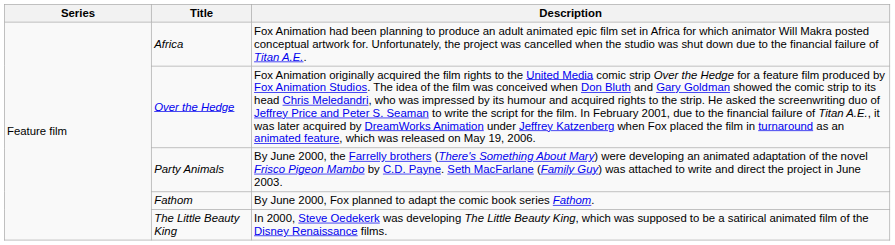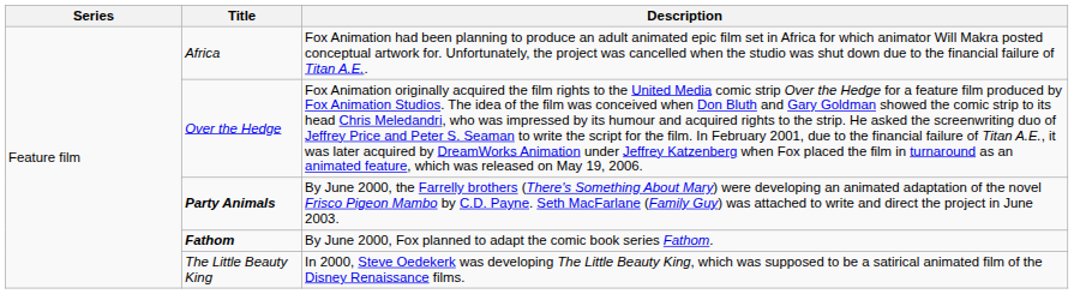 <table class="wikitable">
 <tr>
 <th style="width:150pt;">Series</th>
 <th style="width:100pt;">Title</th>
 <th>Description</th>
 </tr>
 <tr>
 <td rowspan="5">Feature film</td>
 <td><em>Africa</em></td>
 <td>Fox Animation had been planning to produce an adult animated epic film set in Africa for which animator Will Makra posted conceptual artwork for. Unfortunately, the project was cancelled when the studio was shut down due to the financial failure of <em><a href='#'>Titan A.E.</a></em>.</td>
 </tr>
 <tr>
 <td><em><a href='#'>Over the Hedge</a></em></td>
 <td>Fox Animation originally acquired the film rights to the <a href='#'>United Media</a> comic strip <em>Over the Hedge</em> for a feature film produced by <a href='#'>Fox Animation Studios</a>. The idea of the film was conceived when <a href='#'>Don Bluth</a> and <a href='#'>Gary Goldman</a> showed the comic strip to its head <a href='#'>Chris Meledandri</a>, who was impressed by its humour and acquired rights to the strip. He asked the screenwriting duo of <a href='#'>Jeffrey Price and Peter S. Seaman</a> to write the script for the film. In February 2001, due to the financial failure of <em>Titan A.E.</em>, it was later acquired by <a href='#'>DreamWorks Animation</a> under <a href='#'>Jeffrey Katzenberg</a> when Fox placed the film in <a href='#'>turnaround</a> as an <a href='#'>animated feature</a>, which was released on May 19, 2006.</td>
 </tr>
 <tr>
-<td><em>Party Animals</em></td>
+<td><strong><em>Party Animals</em></strong></td>
 <td>By June 2000, the <a href='#'>Farrelly brothers</a> (<em><a href='#'>There's Something About Mary</a></em>) were developing an animated adaptation of the novel <em><a href='#'>Frisco Pigeon Mambo</a></em> by <a href='#'>C.D. Payne</a>. <a href='#'>Seth MacFarlane</a> (<em><a href='#'>Family Guy</a></em>) was attached to write and direct the project in June 2003.</td>
 </tr>
 <tr>
-<td><em>Fathom</em></td>
+<td><strong><em>Fathom</em></strong></td>
 <td>By June 2000, Fox planned to adapt the comic book series <em><a href='#'>Fathom</a></em>.</td>
 </tr>
 <tr>
 <td><em>The Little Beauty King</em></td>
 <td>In 2000, <a href='#'>Steve Oedekerk</a> was developing <em>The Little Beauty King</em>, which was supposed to be a satirical animated film of the <a href='#'>Disney Renaissance</a> films.</td>
 </tr>
 </table>
